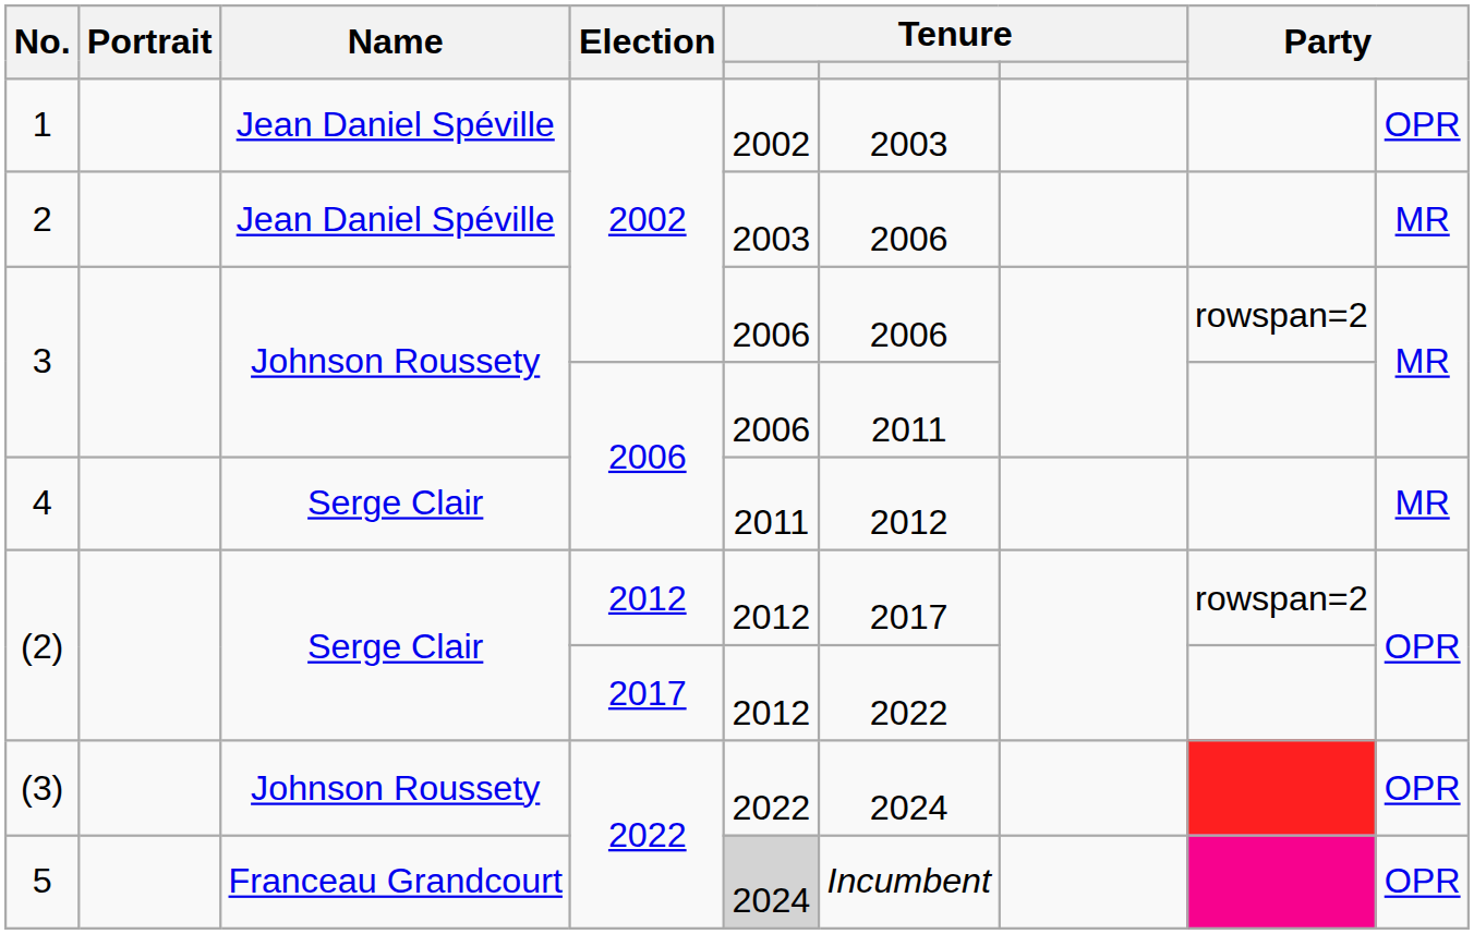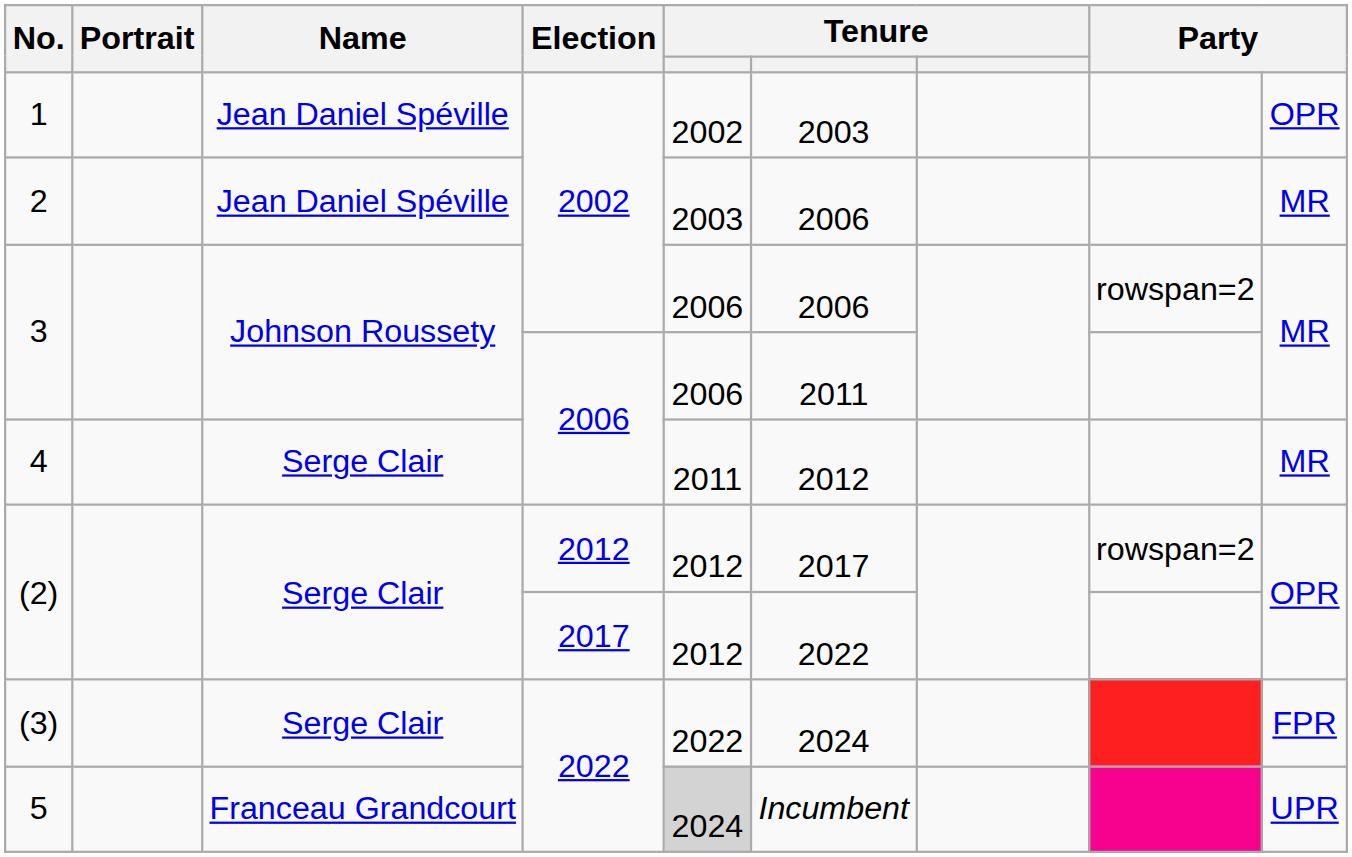 <table class="wikitable" style="font-size:90%;text-align:center">
 <tr>
 <th rowspan=2>No.</th>
 <th rowspan=2>Portrait</th>
 <th rowspan=2>Name</th>
 <th rowspan=2>Election</th>
 <th colspan=3>Tenure</th>
 <th rowspan=2 colspan=2>Party</th>
 </tr>
 <tr>
 <th></th>
 <th></th>
 <th width=70></th>
 </tr>
 <tr>
 <td>1</td>
 <td></td>
 <td><a href='#'>Jean Daniel Spéville</a></td>
 <td rowspan=3><a href='#'>2002</a></td>
 <td><br>2002</td>
 <td><br>2003</td>
 <td></td>
 <td></td>
 <td><a href='#'>OPR</a></td>
 </tr>
 <tr>
 <td>2</td>
 <td></td>
 <td><a href='#'>Jean Daniel Spéville</a></td>
 <td><br>2003</td>
 <td><br>2006</td>
 <td></td>
 <td></td>
 <td><a href='#'>MR</a></td>
 </tr>
 <tr>
 <td rowspan=2>3</td>
 <td rowspan=2></td>
 <td rowspan=2><a href='#'>Johnson Roussety</a></td>
 <td><br>2006</td>
 <td><br>2006</td>
 <td rowspan=2></td>
 <td>rowspan=2 </td>
 <td rowspan=2><a href='#'>MR</a></td>
 </tr>
 <tr>
 <td rowspan=2><a href='#'>2006</a></td>
 <td><br>2006</td>
 <td><br>2011</td>
 </tr>
 <tr>
 <td>4</td>
 <td></td>
 <td><a href='#'>Serge Clair</a></td>
 <td><br>2011</td>
 <td><br>2012</td>
 <td></td>
 <td></td>
 <td><a href='#'>MR</a></td>
 </tr>
 <tr>
 <td rowspan=2>(2)</td>
 <td rowspan=2></td>
 <td rowspan=2><a href='#'>Serge Clair</a></td>
 <td><a href='#'>2012</a></td>
 <td><br>2012</td>
 <td><br>2017</td>
 <td rowspan=2></td>
 <td>rowspan=2 </td>
 <td rowspan=2><a href='#'>OPR</a></td>
 </tr>
 <tr>
 <td><a href='#'>2017</a></td>
 <td><br>2012</td>
 <td><br>2022</td>
 </tr>
 <tr>
 <td>(3)</td>
 <td></td>
-<td><a href='#'>Johnson Roussety</a></td>
+<td><a href='#'>Serge Clair</a></td>
 <td rowspan=2><a href='#'>2022</a></td>
 <td><br>2022</td>
 <td><br>2024</td>
 <td></td>
 <td style="background:#FE1F20;"></td>
-<td><a href='#'>OPR</a></td>
+<td><a href='#'>FPR</a></td>
 </tr>
 <tr>
 <td>5</td>
 <td></td>
 <td><a href='#'>Franceau Grandcourt</a></td>
 <td style="background: lightgrey;"><br>2024</td>
 <td><em>Incumbent</em></td>
 <td></td>
 <td style="background:#F7028E;"></td>
-<td><a href='#'>OPR</a></td>
+<td><a href='#'>UPR</a></td>
 </tr>
 </table>
